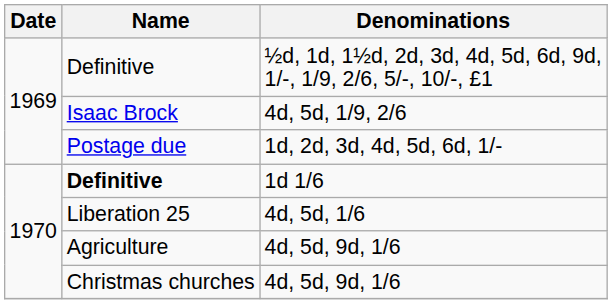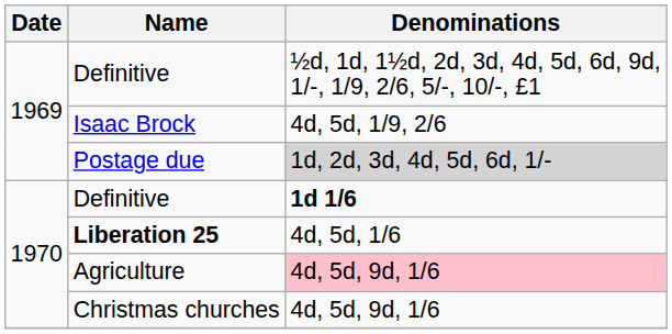 <table class="wikitable">
 <tr>
 <th>Date</th>
 <th>Name</th>
 <th>Denominations</th>
 </tr>
 <tr>
 <td rowspan="3">1969</td>
 <td>Definitive</td>
 <td>½d, 1d, 1½d, 2d, 3d, 4d, 5d, 6d, 9d, <br>1/-, 1/9, 2/6, 5/-, 10/-, £1</td>
 </tr>
 <tr>
 <td><a href='#'>Isaac Brock</a></td>
 <td>4d, 5d, 1/9, 2/6</td>
 </tr>
 <tr>
 <td><a href='#'>Postage due</a></td>
-<td>1d, 2d, 3d, 4d, 5d, 6d, 1/-</td>
+<td style="background: lightgrey;">1d, 2d, 3d, 4d, 5d, 6d, 1/-</td>
 </tr>
 <tr>
 <td rowspan="4">1970</td>
-<td><strong>Definitive</strong></td>
-<td>1d 1/6</td>
+<td>Definitive</td>
+<td><strong>1d 1/6</strong></td>
 </tr>
 <tr>
-<td>Liberation 25</td>
+<td><strong>Liberation 25</strong></td>
 <td>4d, 5d, 1/6</td>
 </tr>
 <tr>
 <td>Agriculture</td>
-<td>4d, 5d, 9d, 1/6</td>
+<td style="background: pink;">4d, 5d, 9d, 1/6</td>
 </tr>
 <tr>
 <td>Christmas churches</td>
 <td>4d, 5d, 9d, 1/6</td>
 </tr>
 <tr>
 </tr>
 </table>
